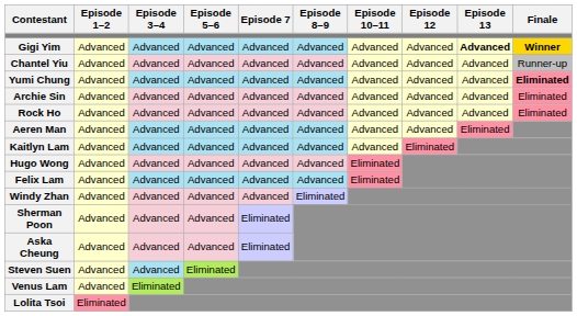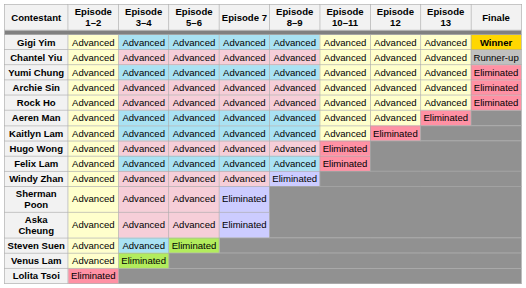 <table class="wikitable"  style="text-align:center; font-size:95%; width:65%;">
 <tr>
 <th style="width:12%;">Contestant</th>
 <th style="width:8%;">Episode 1–2</th>
 <th style="width:8%;">Episode 3–4</th>
 <th style="width:8%;">Episode 5–6</th>
 <th style="width:8%;">Episode 7</th>
 <th style="width:8%;">Episode 8–9</th>
 <th style="width:8%;">Episode 10–11</th>
 <th style="width:8%;">Episode 12</th>
 <th style="width:8%;">Episode 13</th>
 <th style="width:8%;">Finale</th>
 </tr>
 <tr>
 <th colspan="10" style="background:gray;"></th>
 </tr>
 <tr>
 <th>Gigi Yim</th>
 <td style="background:#FFFFCC;">Advanced</td>
 <td style="background:#A9E2F3;">Advanced</td>
 <td style="background:#A9E2F3;">Advanced</td>
 <td style="background:#A9E2F3;">Advanced</td>
 <td style="background:#A9E2F3;">Advanced</td>
 <td style="background:#FFFFCC;">Advanced</td>
 <td style="background:#FFFFCC;">Advanced</td>
-<td style="background:#FFFFCC;"><strong>Advanced</strong></td>
+<td style="background:#FFFFCC;">Advanced</td>
 <th style="background:Gold">Winner</th>
 </tr>
 <tr>
 <th>Chantel Yiu</th>
 <td style="background:#FFFFCC;">Advanced</td>
 <td style="background:#F6CED8;">Advanced</td>
 <td style="background:#F6CED8;">Advanced</td>
 <td style="background:#F6CED8;">Advanced</td>
 <td style="background:#F6CED8;">Advanced</td>
 <td style="background:#FFFFCC;">Advanced</td>
 <td style="background:#FFFFCC;">Advanced</td>
 <td style="background:#FFFFCC;">Advanced</td>
 <td style="background:Silver;">Runner-up</td>
 </tr>
 <tr>
 <th>Yumi Chung</th>
 <td style="background:#FFFFCC;">Advanced</td>
 <td style="background:#A9E2F3;">Advanced</td>
 <td style="background:#A9E2F3;">Advanced</td>
 <td style="background:#A9E2F3;">Advanced</td>
 <td style="background:#A9E2F3;">Advanced</td>
 <td style="background:#FFFFCC;">Advanced</td>
 <td style="background:#FFFFCC;">Advanced</td>
 <td style="background:#FFFFCC;">Advanced</td>
-<td style="background:#FF91A4;"><strong>Eliminated</strong></td>
+<td style="background:#FF91A4;">Eliminated</td>
 </tr>
 <tr>
 <th>Archie Sin</th>
 <td style="background:#FFFFCC;">Advanced</td>
 <td style="background:#F6CED8;">Advanced</td>
 <td style="background:#F6CED8;">Advanced</td>
 <td style="background:#F6CED8;">Advanced</td>
 <td style="background:#F6CED8;">Advanced</td>
 <td style="background:#FFFFCC;">Advanced</td>
 <td style="background:#FFFFCC;">Advanced</td>
 <td style="background:#FFFFCC;">Advanced</td>
 <td style="background:#FF91A4;">Eliminated</td>
 </tr>
 <tr>
 <th>Rock Ho</th>
 <td style="background:#FFFFCC;">Advanced</td>
 <td style="background:#F6CED8;">Advanced</td>
 <td style="background:#F6CED8;">Advanced</td>
 <td style="background:#F6CED8;">Advanced</td>
 <td style="background:#F6CED8;">Advanced</td>
 <td style="background:#FFFFCC;">Advanced</td>
 <td style="background:#FFFFCC;">Advanced</td>
 <td style="background:#FFFFCC;">Advanced</td>
 <td style="background:#FF91A4;">Eliminated</td>
 </tr>
 <tr>
 <th>Aeren Man</th>
 <td style="background:#FFFFCC;">Advanced</td>
 <td style="background:#A9E2F3;">Advanced</td>
 <td style="background:#A9E2F3;">Advanced</td>
 <td style="background:#A9E2F3;">Advanced</td>
 <td style="background:#A9E2F3;">Advanced</td>
 <td style="background:#FFFFCC;">Advanced</td>
 <td style="background:#FFFFCC;">Advanced</td>
 <td style="background:#FF91A4;">Eliminated</td>
 <td colspan="1" rowspan="1" style="background:#919191;"></td>
 </tr>
 <tr>
 <th>Kaitlyn Lam</th>
 <td style="background:#FFFFCC;">Advanced</td>
 <td style="background:#A9E2F3;">Advanced</td>
 <td style="background:#A9E2F3;">Advanced</td>
 <td style="background:#A9E2F3;">Advanced</td>
 <td style="background:#A9E2F3;">Advanced</td>
 <td style="background:#FFFFCC;">Advanced</td>
 <td style="background:#FF91A4;">Eliminated</td>
 <td colspan="2" rowspan="1" style="background:#919191;"></td>
 </tr>
 <tr>
 <th>Hugo Wong</th>
 <td style="background:#FFFFCC;">Advanced</td>
 <td style="background:#F6CED8;">Advanced</td>
 <td style="background:#F6CED8;">Advanced</td>
 <td style="background:#F6CED8;">Advanced</td>
 <td style="background:#F6CED8;">Advanced</td>
 <td style="background:#FF91A4;">Eliminated</td>
 <td colspan="3" rowspan="2" style="background:#919191;"></td>
 </tr>
 <tr>
 <th>Felix Lam</th>
 <td style="background:#FFFFCC;">Advanced</td>
 <td style="background:#A9E2F3;">Advanced</td>
 <td style="background:#A9E2F3;">Advanced</td>
 <td style="background:#A9E2F3;">Advanced</td>
 <td style="background:#A9E2F3;">Advanced</td>
 <td style="background:#FF91A4;">Eliminated</td>
 </tr>
 <tr>
 <th>Windy Zhan</th>
 <td style="background:#FFFFCC;">Advanced</td>
 <td style="background:#F6CED8;">Advanced</td>
 <td style="background:#F6CED8;">Advanced</td>
 <td style="background:#F6CED8;">Advanced</td>
 <td style="background:#ccf;">Eliminated</td>
 <td colspan="4" rowspan="" style="background:#919191;"></td>
 </tr>
 <tr>
 <th>Sherman Poon</th>
 <td style="background:#FFFFCC;">Advanced</td>
 <td style="background:#F6CED8;">Advanced</td>
 <td style="background:#F6CED8;">Advanced</td>
 <td style="background:#ccf;">Eliminated</td>
 <td colspan="5" rowspan="2" style="background:#919191;"></td>
 </tr>
 <tr>
 <th>Aska Cheung</th>
 <td style="background:#FFFFCC;">Advanced</td>
 <td style="background:#F6CED8;">Advanced</td>
 <td style="background:#F6CED8;">Advanced</td>
 <td style="background:#ccf;">Eliminated</td>
 </tr>
 <tr>
 <th>Steven Suen</th>
 <td style="background:#FFFFCC;">Advanced</td>
 <td style="background:#A9E2F3;">Advanced</td>
 <td style="background:#B2EC5D;">Eliminated</td>
 <td colspan="6" rowspan="1" style="background:#919191;"></td>
 </tr>
 <tr>
 <th>Venus Lam</th>
 <td style="background:#FFFFCC;">Advanced</td>
 <td style="background:#B2EC5D;">Eliminated</td>
 <td colspan="8" rowspan="1" style="background:#919191;"></td>
 </tr>
 <tr>
 <th>Lolita Tsoi</th>
 <td style="background:#FF91A4;">Eliminated</td>
 <td colspan="9" rowspan="1" style="background:#919191;"></td>
 </tr>
 </table>
